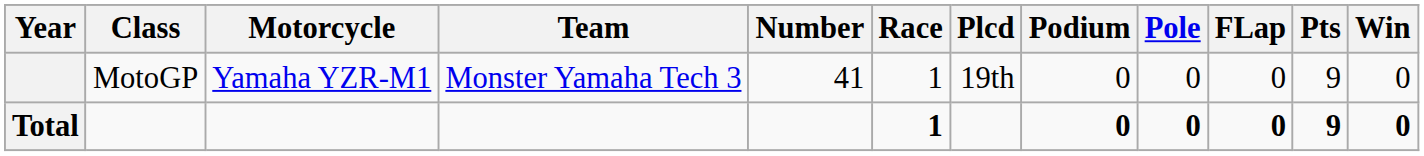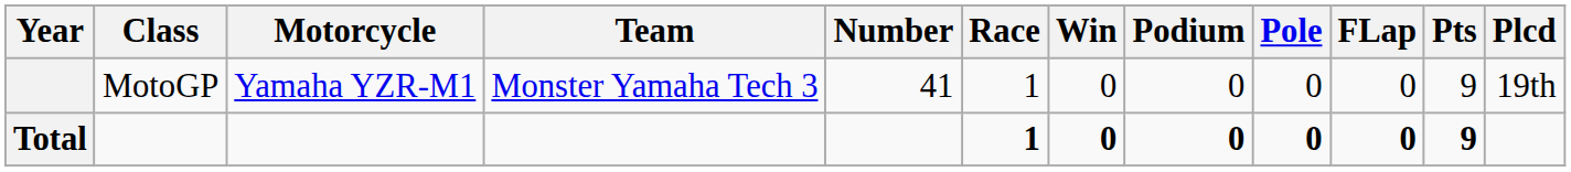 <table class="wikitable">
 <tr>
 <th>Year</th>
 <th>Class</th>
 <th>Motorcycle</th>
 <th>Team</th>
 <th>Number</th>
 <th>Race</th>
-<th>Plcd</th>
+<th>Win</th>
 <th>Podium</th>
 <th><a href='#'>Pole</a></th>
 <th>FLap</th>
 <th>Pts</th>
-<th>Win</th>
+<th>Plcd</th>
 </tr>
 <tr align="right">
 <th></th>
 <td>MotoGP</td>
 <td><a href='#'>Yamaha YZR-M1</a></td>
 <td><a href='#'>Monster Yamaha Tech 3</a></td>
 <td>41</td>
 <td>1</td>
-<td>19th</td>
+<td>0</td>
 <td>0</td>
 <td>0</td>
 <td>0</td>
 <td>9</td>
-<td>0</td>
+<td>19th</td>
 </tr>
 <tr align="right">
 <th>Total</th>
 <td></td>
 <td></td>
 <td></td>
 <td></td>
 <td><strong>1</strong></td>
-<td></td>
+<td><strong>0</strong></td>
 <td><strong>0</strong></td>
 <td><strong>0</strong></td>
 <td><strong>0</strong></td>
 <td><strong>9</strong></td>
-<td><strong>0</strong></td>
+<td></td>
 </tr>
 </table>
